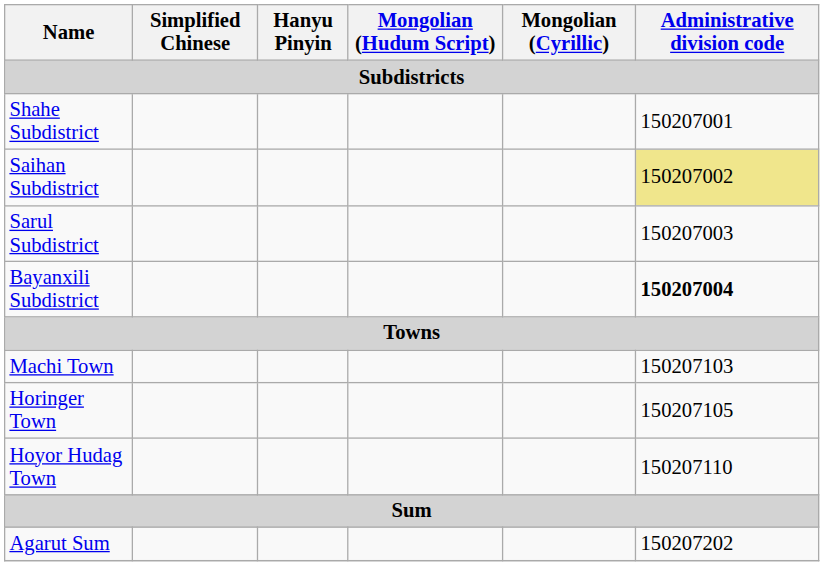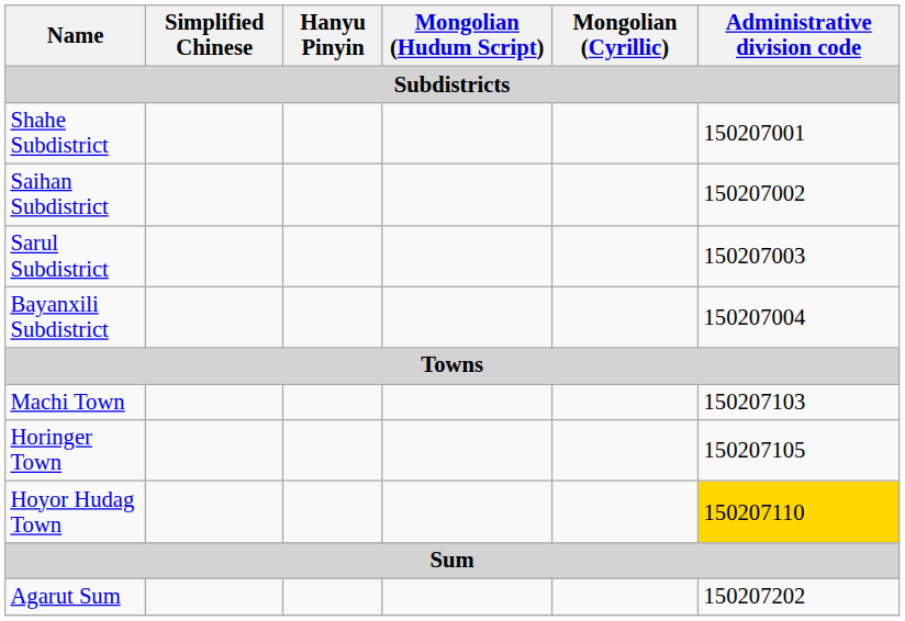 <table class="wikitable" align="center" style="width:50%; border="1">
 <tr>
 <th>Name</th>
 <th>Simplified Chinese</th>
 <th>Hanyu Pinyin</th>
 <th><a href='#'>Mongolian</a> (<a href='#'>Hudum Script</a>)</th>
 <th>Mongolian (<a href='#'>Cyrillic</a>)</th>
 <th><a href='#'>Administrative division code</a></th>
 </tr>
 <tr>
 <td colspan="6"  style="text-align:center; background:#d3d3d3;"><strong>Subdistricts</strong></td>
 </tr>
 <tr --------->
 <td><a href='#'>Shahe Subdistrict</a></td>
 <td></td>
 <td></td>
 <td></td>
 <td></td>
 <td>150207001</td>
 </tr>
 <tr>
 <td><a href='#'>Saihan Subdistrict</a></td>
 <td></td>
 <td></td>
 <td></td>
 <td></td>
-<td style="background: khaki;">150207002</td>
+<td>150207002</td>
 </tr>
 <tr>
 <td><a href='#'>Sarul Subdistrict</a></td>
 <td></td>
 <td></td>
 <td></td>
 <td></td>
 <td>150207003</td>
 </tr>
 <tr>
 <td><a href='#'>Bayanxili Subdistrict</a></td>
 <td></td>
 <td></td>
 <td></td>
 <td></td>
-<td><strong>150207004</strong></td>
+<td>150207004</td>
 </tr>
 <tr>
 <td colspan="6"  style="text-align:center; background:#d3d3d3;"><strong>Towns</strong></td>
 </tr>
 <tr --------->
 <td><a href='#'>Machi Town</a></td>
 <td></td>
 <td></td>
 <td></td>
 <td></td>
 <td>150207103</td>
 </tr>
 <tr>
 <td><a href='#'>Horinger Town</a></td>
 <td></td>
 <td></td>
 <td></td>
 <td></td>
 <td>150207105</td>
 </tr>
 <tr>
 <td><a href='#'>Hoyor Hudag Town</a></td>
 <td></td>
 <td></td>
 <td></td>
 <td></td>
-<td>150207110</td>
+<td style="background: gold;">150207110</td>
 </tr>
 <tr>
 <td colspan="6"  style="text-align:center; background:#d3d3d3;"><strong>Sum</strong></td>
 </tr>
 <tr --------->
 <td><a href='#'>Agarut Sum</a></td>
 <td></td>
 <td></td>
 <td></td>
 <td></td>
 <td>150207202</td>
 </tr>
 <tr>
 </tr>
 </table>
